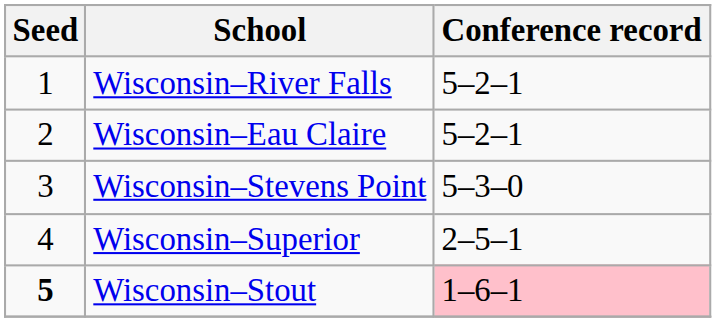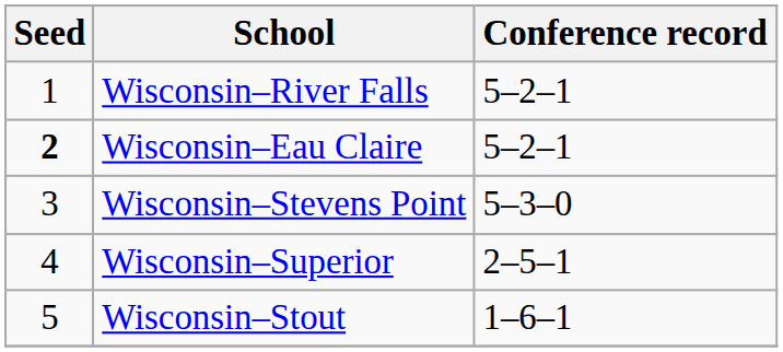 <table class="wikitable">
 <tr>
 <th>Seed</th>
 <th>School</th>
 <th>Conference record</th>
 </tr>
 <tr>
 <td align=center>1</td>
 <td><a href='#'>Wisconsin–River Falls</a></td>
 <td>5–2–1</td>
 </tr>
 <tr>
-<td align=center>2</td>
+<td align=center><strong>2</strong></td>
 <td><a href='#'>Wisconsin–Eau Claire</a></td>
 <td>5–2–1</td>
 </tr>
 <tr>
 <td align=center>3</td>
 <td><a href='#'>Wisconsin–Stevens Point</a></td>
 <td>5–3–0</td>
 </tr>
 <tr>
 <td align=center>4</td>
 <td><a href='#'>Wisconsin–Superior</a></td>
 <td>2–5–1</td>
 </tr>
 <tr>
-<td align=center><strong>5</strong></td>
+<td align=center>5</td>
 <td><a href='#'>Wisconsin–Stout</a></td>
-<td style="background: pink;">1–6–1</td>
+<td>1–6–1</td>
 </tr>
 <tr>
 </tr>
 </table>
